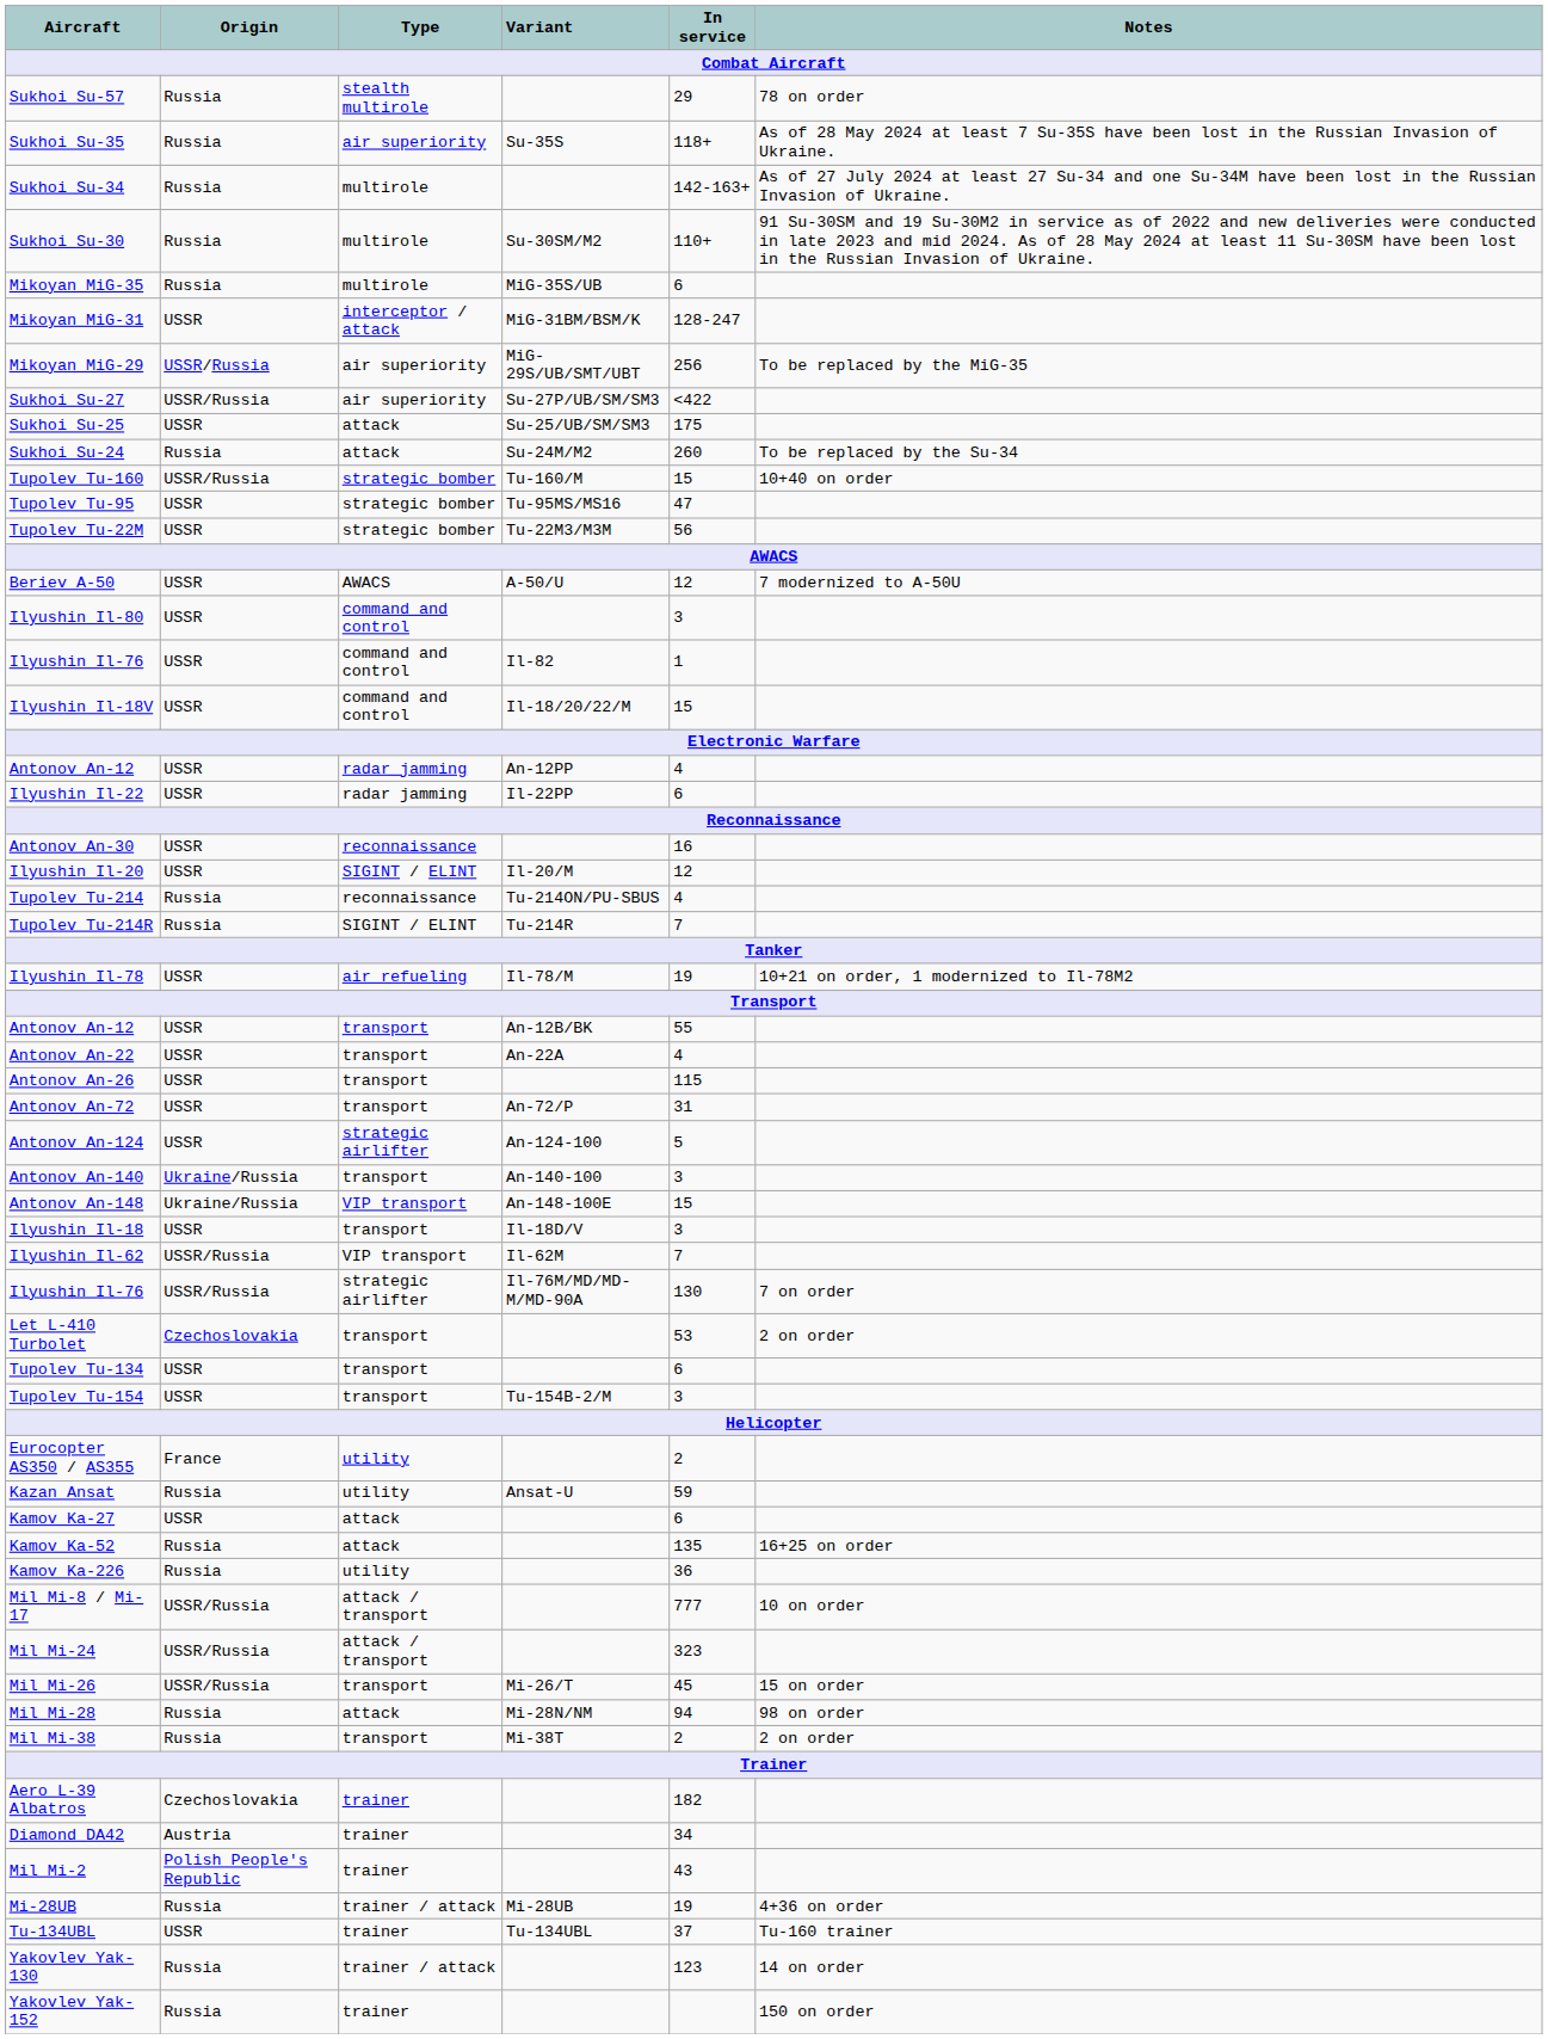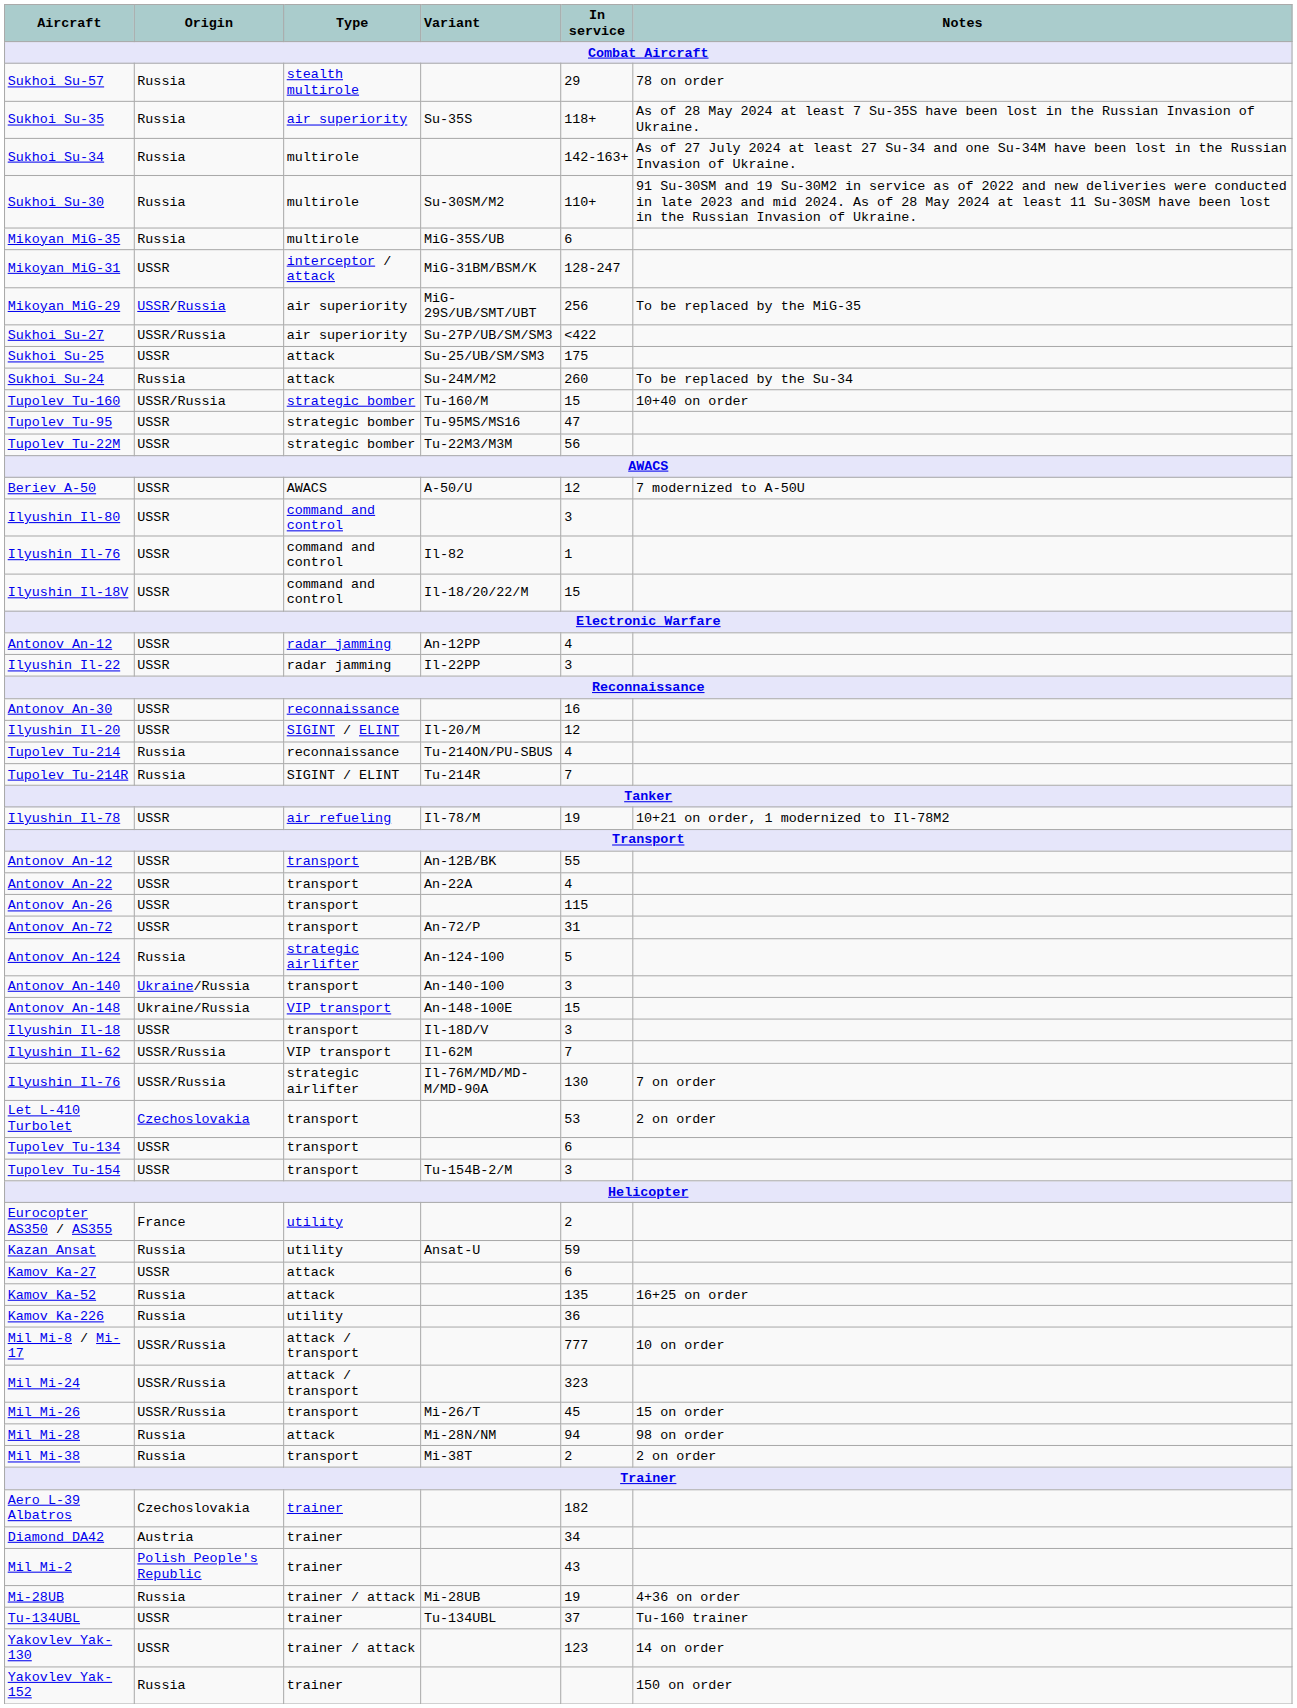 <table class="wikitable">
 <tr>
 <th style="text-align:center; background:#acc;">Aircraft</th>
 <th style="text-align: center; background:#acc;">Origin</th>
 <th style="text-align:l center; background:#acc;">Type</th>
 <th style="text-align:left; background:#acc;">Variant</th>
 <th style="text-align:center; background:#acc;">In service</th>
 <th style="text-align: center; background:#acc;">Notes</th>
 </tr>
 <tr>
 <th style="align: center; background: lavender;" colspan="6"><a href='#'>Combat Aircraft</a></th>
 </tr>
 <tr>
 <td><a href='#'>Sukhoi Su-57</a></td>
 <td>Russia</td>
 <td><a href='#'>stealth</a> <a href='#'>multirole</a></td>
 <td></td>
 <td>29</td>
 <td>78 on order</td>
 </tr>
 <tr>
 <td><a href='#'>Sukhoi Su-35</a></td>
 <td>Russia</td>
 <td><a href='#'>air superiority</a></td>
 <td>Su-35S</td>
 <td>118+</td>
 <td>As of 28 May 2024 at least 7 Su-35S have been lost in the Russian Invasion of Ukraine.</td>
 </tr>
 <tr>
 <td><a href='#'>Sukhoi Su-34</a></td>
 <td>Russia</td>
 <td>multirole</td>
 <td></td>
 <td>142-163+</td>
 <td>As of 27 July 2024 at least 27 Su-34 and one Su-34M have been lost in the Russian Invasion of Ukraine.</td>
 </tr>
 <tr>
 <td><a href='#'>Sukhoi Su-30</a></td>
 <td>Russia</td>
 <td>multirole</td>
 <td>Su-30SM/M2</td>
 <td>110+</td>
 <td>91 Su-30SM and 19 Su-30M2 in service as of 2022 and new deliveries were conducted in late 2023 and mid 2024. As of 28 May 2024 at least 11 Su-30SM have been lost in the Russian Invasion of Ukraine.</td>
 </tr>
 <tr>
 <td><a href='#'>Mikoyan MiG-35</a></td>
 <td>Russia</td>
 <td>multirole</td>
 <td>MiG-35S/UB</td>
 <td>6</td>
 <td></td>
 </tr>
 <tr>
 <td><a href='#'>Mikoyan MiG-31</a></td>
 <td>USSR</td>
 <td><a href='#'>interceptor</a> / <a href='#'>attack</a></td>
 <td>MiG-31BM/BSM/K</td>
 <td>128-247</td>
 <td></td>
 </tr>
 <tr>
 <td><a href='#'>Mikoyan MiG-29</a></td>
 <td><a href='#'>USSR</a>/<a href='#'>Russia</a></td>
 <td>air superiority</td>
 <td>MiG-29S/UB/SMT/UBT</td>
 <td>256</td>
 <td>To be replaced by the MiG-35</td>
 </tr>
 <tr>
 <td><a href='#'>Sukhoi Su-27</a></td>
 <td>USSR/Russia</td>
 <td>air superiority</td>
 <td>Su-27P/UB/SM/SM3</td>
 <td><422</td>
 <td></td>
 </tr>
 <tr>
 <td><a href='#'>Sukhoi Su-25</a></td>
 <td>USSR</td>
 <td>attack</td>
 <td>Su-25/UB/SM/SM3</td>
 <td>175</td>
 <td></td>
 </tr>
 <tr>
 <td><a href='#'>Sukhoi Su-24</a></td>
 <td>Russia</td>
 <td>attack</td>
 <td>Su-24M/M2</td>
 <td>260</td>
 <td>To be replaced by the Su-34</td>
 </tr>
 <tr>
 <td><a href='#'>Tupolev Tu-160</a></td>
 <td>USSR/Russia</td>
 <td><a href='#'>strategic bomber</a></td>
 <td>Tu-160/M</td>
 <td>15</td>
 <td>10+40 on order</td>
 </tr>
 <tr>
 <td><a href='#'>Tupolev Tu-95</a></td>
 <td>USSR</td>
 <td>strategic bomber</td>
 <td>Tu-95MS/MS16</td>
 <td>47</td>
 <td></td>
 </tr>
 <tr>
 <td><a href='#'>Tupolev Tu-22M</a></td>
 <td>USSR</td>
 <td>strategic bomber</td>
 <td>Tu-22M3/M3M</td>
 <td>56</td>
 <td></td>
 </tr>
 <tr>
 <th style="align: center; background: lavender;" colspan="6"><a href='#'>AWACS</a></th>
 </tr>
 <tr>
 <td><a href='#'>Beriev A-50</a></td>
 <td>USSR</td>
 <td>AWACS</td>
 <td>A-50/U</td>
 <td>12</td>
 <td>7 modernized to A-50U</td>
 </tr>
 <tr>
 <td><a href='#'>Ilyushin Il-80</a></td>
 <td>USSR</td>
 <td><a href='#'>command and control</a></td>
 <td></td>
 <td>3</td>
 <td></td>
 </tr>
 <tr>
 <td><a href='#'>Ilyushin Il-76</a></td>
 <td>USSR</td>
 <td>command and control</td>
 <td>Il-82</td>
 <td>1</td>
 <td></td>
 </tr>
 <tr>
 <td><a href='#'>Ilyushin Il-18V</a></td>
 <td>USSR</td>
 <td>command and control</td>
 <td>Il-18/20/22/M</td>
 <td>15</td>
 <td></td>
 </tr>
 <tr>
 <th style="align: center; background: lavender;" colspan="6"><a href='#'>Electronic Warfare</a></th>
 </tr>
 <tr>
 <td><a href='#'>Antonov An-12</a></td>
 <td>USSR</td>
 <td><a href='#'>radar jamming</a></td>
 <td>An-12PP</td>
 <td>4</td>
 <td></td>
 </tr>
 <tr>
 <td><a href='#'>Ilyushin Il-22</a></td>
 <td>USSR</td>
 <td>radar jamming</td>
 <td>Il-22PP</td>
-<td>6</td>
+<td>3</td>
 <td></td>
 </tr>
 <tr>
 <th style="align: center; background: lavender;" colspan="6"><a href='#'>Reconnaissance</a></th>
 </tr>
 <tr>
 <td><a href='#'>Antonov An-30</a></td>
 <td>USSR</td>
 <td><a href='#'>reconnaissance</a></td>
 <td></td>
 <td>16</td>
 <td></td>
 </tr>
 <tr>
 <td><a href='#'>Ilyushin Il-20</a></td>
 <td>USSR</td>
 <td><a href='#'>SIGINT</a> / <a href='#'>ELINT</a></td>
 <td>Il-20/M</td>
 <td>12</td>
 <td></td>
 </tr>
 <tr>
 <td><a href='#'>Tupolev Tu-214</a></td>
 <td>Russia</td>
 <td>reconnaissance</td>
 <td>Tu-214ON/PU-SBUS</td>
 <td>4</td>
 <td></td>
 </tr>
 <tr>
 <td><a href='#'>Tupolev Tu-214R</a></td>
 <td>Russia</td>
 <td>SIGINT / ELINT</td>
 <td>Tu-214R</td>
 <td>7</td>
 <td></td>
 </tr>
 <tr>
 <th style="align: center; background: lavender;" colspan="6"><a href='#'>Tanker</a></th>
 </tr>
 <tr>
 <td><a href='#'>Ilyushin Il-78</a></td>
 <td>USSR</td>
 <td><a href='#'>air refueling</a></td>
 <td>Il-78/M</td>
 <td>19</td>
 <td>10+21 on order, 1 modernized to Il-78M2</td>
 </tr>
 <tr>
 <th style="align: center; background: lavender;" colspan="6"><a href='#'>Transport</a></th>
 </tr>
 <tr>
 <td><a href='#'>Antonov An-12</a></td>
 <td>USSR</td>
 <td><a href='#'>transport</a></td>
 <td>An-12B/BK</td>
 <td>55</td>
 <td></td>
 </tr>
 <tr>
 <td><a href='#'>Antonov An-22</a></td>
 <td>USSR</td>
 <td>transport</td>
 <td>An-22A</td>
 <td>4</td>
 <td></td>
 </tr>
 <tr>
 <td><a href='#'>Antonov An-26</a></td>
 <td>USSR</td>
 <td>transport</td>
 <td></td>
 <td>115</td>
 <td></td>
 </tr>
 <tr>
 <td><a href='#'>Antonov An-72</a></td>
 <td>USSR</td>
 <td>transport</td>
 <td>An-72/P</td>
 <td>31</td>
 <td></td>
 </tr>
 <tr>
 <td><a href='#'>Antonov An-124</a></td>
-<td>USSR</td>
+<td>Russia</td>
 <td><a href='#'>strategic airlifter</a></td>
 <td>An-124-100</td>
 <td>5</td>
 <td></td>
 </tr>
 <tr>
 <td><a href='#'>Antonov An-140</a></td>
 <td><a href='#'>Ukraine</a>/Russia</td>
 <td>transport</td>
 <td>An-140-100</td>
 <td>3</td>
 <td></td>
 </tr>
 <tr>
 <td><a href='#'>Antonov An-148</a></td>
 <td>Ukraine/Russia</td>
 <td><a href='#'>VIP transport</a></td>
 <td>An-148-100E</td>
 <td>15</td>
 <td></td>
 </tr>
 <tr>
 <td><a href='#'>Ilyushin Il-18</a></td>
 <td>USSR</td>
 <td>transport</td>
 <td>Il-18D/V</td>
 <td>3</td>
 <td></td>
 </tr>
 <tr>
 <td><a href='#'>Ilyushin Il-62</a></td>
 <td>USSR/Russia</td>
 <td>VIP transport</td>
 <td>Il-62M</td>
 <td>7</td>
 <td></td>
 </tr>
 <tr>
 <td><a href='#'>Ilyushin Il-76</a></td>
 <td>USSR/Russia</td>
 <td>strategic airlifter</td>
 <td>Il-76M/MD/MD-M/MD-90A</td>
 <td>130</td>
 <td>7 on order</td>
 </tr>
 <tr>
 <td><a href='#'>Let L-410 Turbolet</a></td>
 <td><a href='#'>Czechoslovakia</a></td>
 <td>transport</td>
 <td></td>
 <td>53</td>
 <td>2 on order</td>
 </tr>
 <tr>
 <td><a href='#'>Tupolev Tu-134</a></td>
 <td>USSR</td>
 <td>transport</td>
 <td></td>
 <td>6</td>
 <td></td>
 </tr>
 <tr>
 <td><a href='#'>Tupolev Tu-154</a></td>
 <td>USSR</td>
 <td>transport</td>
 <td>Tu-154B-2/M</td>
 <td>3</td>
 <td></td>
 </tr>
 <tr>
 <th style="align: center; background: lavender;" colspan="6"><a href='#'>Helicopter</a></th>
 </tr>
 <tr>
 <td><a href='#'>Eurocopter AS350</a> / <a href='#'>AS355</a></td>
 <td>France</td>
 <td><a href='#'>utility</a></td>
 <td></td>
 <td>2</td>
 <td></td>
 </tr>
 <tr>
 <td><a href='#'>Kazan Ansat</a></td>
 <td>Russia</td>
 <td>utility</td>
 <td>Ansat-U</td>
 <td>59</td>
 <td></td>
 </tr>
 <tr>
 <td><a href='#'>Kamov Ka-27</a></td>
 <td>USSR</td>
 <td>attack</td>
 <td></td>
 <td>6</td>
 <td></td>
 </tr>
 <tr>
 <td><a href='#'>Kamov Ka-52</a></td>
 <td>Russia</td>
 <td>attack</td>
 <td></td>
 <td>135</td>
 <td>16+25 on order</td>
 </tr>
 <tr>
 <td><a href='#'>Kamov Ka-226</a></td>
 <td>Russia</td>
 <td>utility</td>
 <td></td>
 <td>36</td>
 <td></td>
 </tr>
 <tr>
 <td><a href='#'>Mil Mi-8</a> / <a href='#'>Mi-17</a></td>
 <td>USSR/Russia</td>
 <td>attack / transport</td>
 <td></td>
 <td>777</td>
 <td>10 on order</td>
 </tr>
 <tr>
 <td><a href='#'>Mil Mi-24</a></td>
 <td>USSR/Russia</td>
 <td>attack / transport</td>
 <td></td>
 <td>323</td>
 <td></td>
 </tr>
 <tr>
 <td><a href='#'>Mil Mi-26</a></td>
 <td>USSR/Russia</td>
 <td>transport</td>
 <td>Mi-26/T</td>
 <td>45</td>
 <td>15 on order</td>
 </tr>
 <tr>
 <td><a href='#'>Mil Mi-28</a></td>
 <td>Russia</td>
 <td>attack</td>
 <td>Mi-28N/NM</td>
 <td>94</td>
 <td>98 on order</td>
 </tr>
 <tr>
 <td><a href='#'>Mil Mi-38</a></td>
 <td>Russia</td>
 <td>transport</td>
 <td>Mi-38T</td>
 <td>2</td>
 <td>2 on order</td>
 </tr>
 <tr>
 <th style="align: center; background: lavender;" colspan="6"><a href='#'>Trainer</a></th>
 </tr>
 <tr>
 <td><a href='#'>Aero L-39 Albatros</a></td>
 <td>Czechoslovakia</td>
 <td><a href='#'>trainer</a></td>
 <td></td>
 <td>182</td>
 <td></td>
 </tr>
 <tr>
 <td><a href='#'>Diamond DA42</a></td>
 <td>Austria</td>
 <td>trainer</td>
 <td></td>
 <td>34</td>
 <td></td>
 </tr>
 <tr>
 <td><a href='#'>Mil Mi-2</a></td>
 <td><a href='#'>Polish People's Republic</a></td>
 <td>trainer</td>
 <td></td>
 <td>43</td>
 <td></td>
 </tr>
 <tr>
 <td><a href='#'>Mi-28UB</a></td>
 <td>Russia</td>
 <td>trainer / attack</td>
 <td>Mi-28UB</td>
 <td>19</td>
 <td>4+36 on order</td>
 </tr>
 <tr>
 <td><a href='#'>Tu-134UBL</a></td>
 <td>USSR</td>
 <td>trainer</td>
 <td>Tu-134UBL</td>
 <td>37</td>
 <td>Tu-160 trainer</td>
 </tr>
 <tr>
 <td><a href='#'>Yakovlev Yak-130</a></td>
-<td>Russia</td>
+<td>USSR</td>
 <td>trainer / attack</td>
 <td></td>
 <td>123</td>
 <td>14 on order</td>
 </tr>
 <tr>
 <td><a href='#'>Yakovlev Yak-152</a></td>
 <td>Russia</td>
 <td>trainer</td>
 <td></td>
 <td></td>
 <td>150 on order</td>
 </tr>
 </table>
